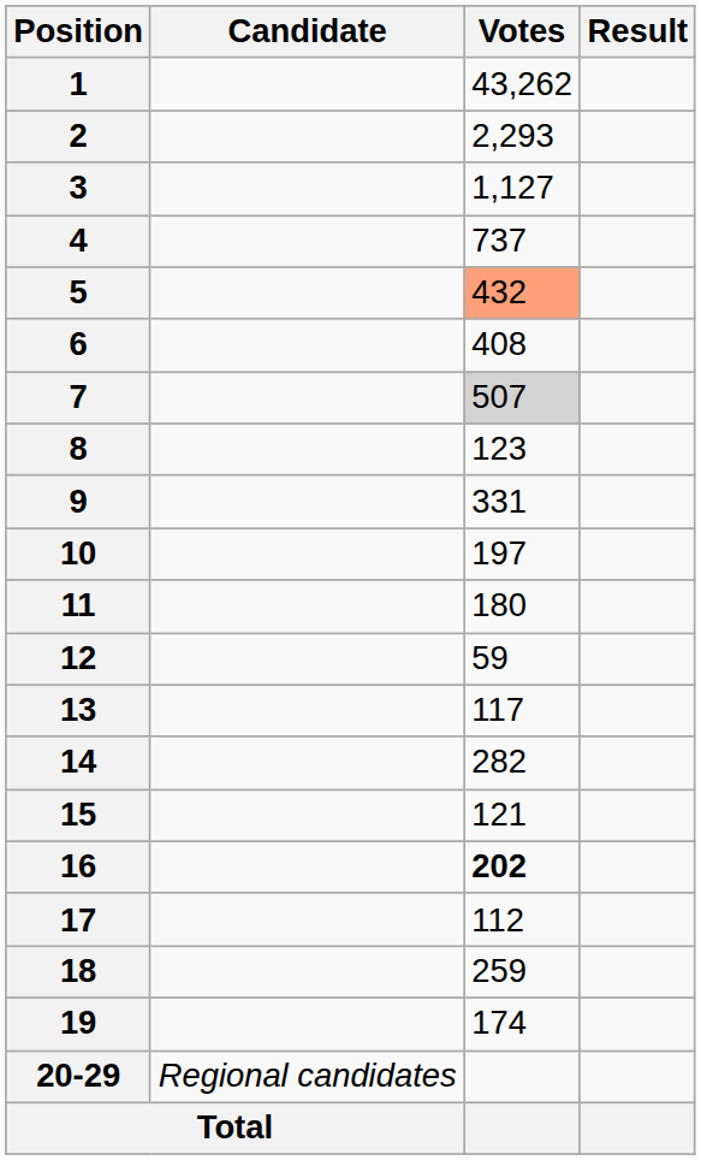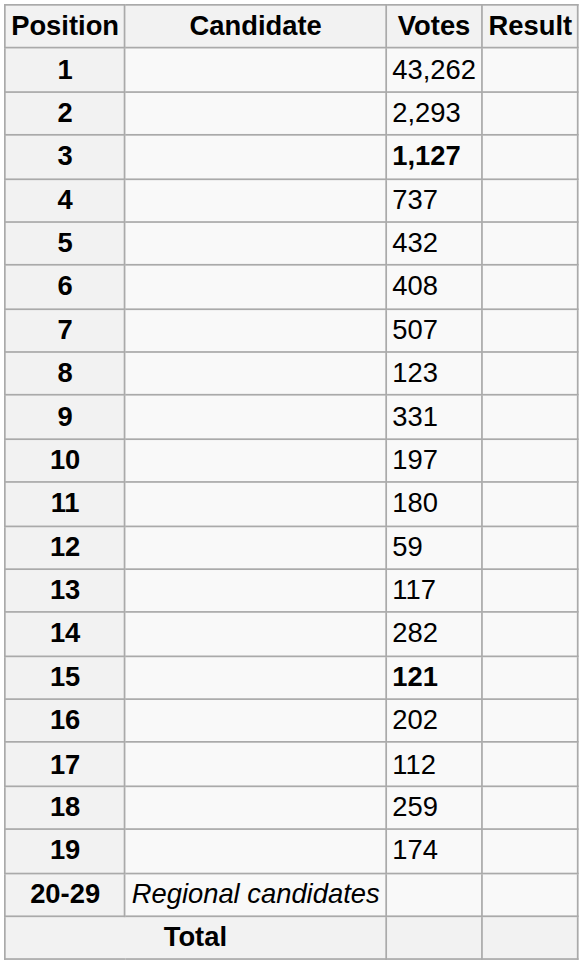 <table class="wikitable sortable col3right">
 <tr>
 <th scope="col">Position</th>
 <th scope="col">Candidate</th>
 <th scope="col">Votes</th>
 <th scope="col">Result</th>
 </tr>
 <tr>
 <th scope="row">1</th>
 <td></td>
 <td>43,262</td>
 <td></td>
 </tr>
 <tr>
 <th scope="row">2</th>
 <td></td>
 <td>2,293</td>
 <td></td>
 </tr>
 <tr>
 <th scope="row">3</th>
 <td></td>
-<td>1,127</td>
+<td><strong>1,127</strong></td>
 <td></td>
 </tr>
 <tr>
 <th scope="row">4</th>
 <td></td>
 <td>737</td>
 <td></td>
 </tr>
 <tr>
 <th scope="row">5</th>
 <td></td>
-<td style="background: lightsalmon;">432</td>
+<td>432</td>
 <td></td>
 </tr>
 <tr>
 <th scope="row">6</th>
 <td></td>
 <td>408</td>
 <td></td>
 </tr>
 <tr>
 <th scope="row">7</th>
 <td></td>
-<td style="background: lightgrey;">507</td>
+<td>507</td>
 <td></td>
 </tr>
 <tr>
 <th scope="row">8</th>
 <td></td>
 <td>123</td>
 <td></td>
 </tr>
 <tr>
 <th scope="row">9</th>
 <td></td>
 <td>331</td>
 <td></td>
 </tr>
 <tr>
 <th scope="row">10</th>
 <td></td>
 <td>197</td>
 <td></td>
 </tr>
 <tr>
 <th scope="row">11</th>
 <td></td>
 <td>180</td>
 <td></td>
 </tr>
 <tr>
 <th scope="row">12</th>
 <td></td>
 <td>59</td>
 <td></td>
 </tr>
 <tr>
 <th scope="row">13</th>
 <td></td>
 <td>117</td>
 <td></td>
 </tr>
 <tr>
 <th scope="row">14</th>
 <td></td>
 <td>282</td>
 <td></td>
 </tr>
 <tr>
 <th scope="row">15</th>
 <td></td>
-<td>121</td>
+<td><strong>121</strong></td>
 <td></td>
 </tr>
 <tr>
 <th scope="row">16</th>
 <td></td>
-<td><strong>202</strong></td>
+<td>202</td>
 <td></td>
 </tr>
 <tr>
 <th scope="row">17</th>
 <td></td>
 <td>112</td>
 <td></td>
 </tr>
 <tr>
 <th scope="row">18</th>
 <td></td>
 <td>259</td>
 <td></td>
 </tr>
 <tr>
 <th scope="row">19</th>
 <td></td>
 <td>174</td>
 <td></td>
 </tr>
 <tr>
 <th scope="row">20-29</th>
 <td><em>Regional candidates</em></td>
 <td></td>
 <td></td>
 </tr>
 <tr class="sortbottom">
 <th scope="row" colspan="2">Total</th>
 <th></th>
 <th></th>
 </tr>
 </table>
